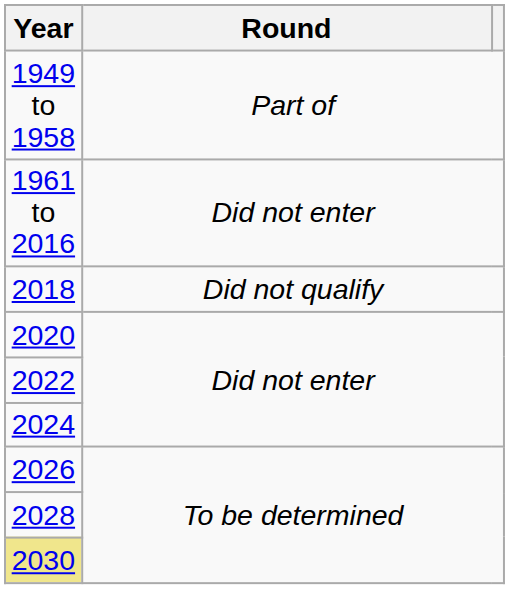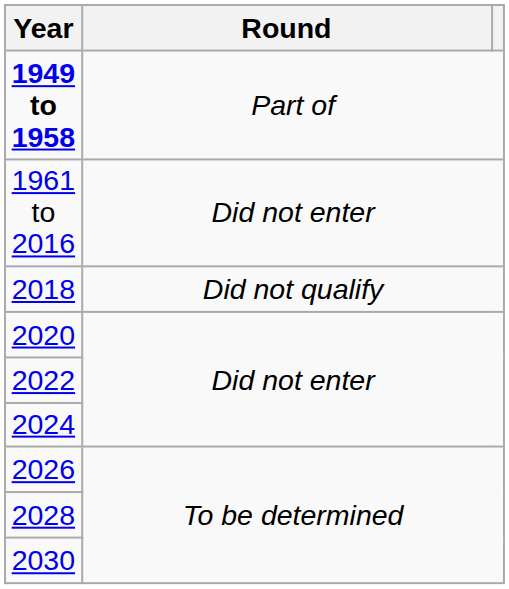 <table class="wikitable" style="text-align: center; font-size:90%">
 <tr>
 <th>Year</th>
 <th style="width:200px">Round</th>
 <th></th>
 </tr>
 <tr>
-<td><a href='#'>1949</a><br>to<br><a href='#'>1958</a></td>
+<td><strong><a href='#'>1949</a><br>to<br><a href='#'>1958</a></strong></td>
 <td colspan="2"><em>Part of </em></td>
 </tr>
 <tr>
 <td><a href='#'>1961</a><br>to<br><a href='#'>2016</a></td>
 <td colspan="2"><em>Did not enter</em></td>
 </tr>
 <tr>
 <td><a href='#'>2018</a></td>
 <td colspan="2"><em>Did not qualify</em></td>
 </tr>
 <tr>
 <td><a href='#'>2020</a></td>
 <td colspan="2" rowspan="3"><em>Did not enter</em></td>
 </tr>
 <tr>
 <td><a href='#'>2022</a></td>
 </tr>
 <tr>
 <td><a href='#'>2024</a></td>
 </tr>
 <tr>
 <td><a href='#'>2026</a></td>
 <td colspan="2" rowspan="3"><em>To be determined</em></td>
 </tr>
 <tr>
 <td><a href='#'>2028</a></td>
 </tr>
 <tr>
-<td style="background: khaki;"><a href='#'>2030</a></td>
+<td><a href='#'>2030</a></td>
 </tr>
 </table>
